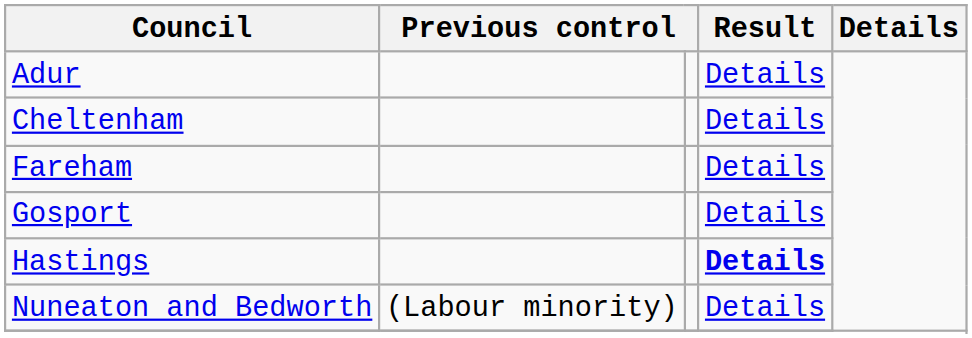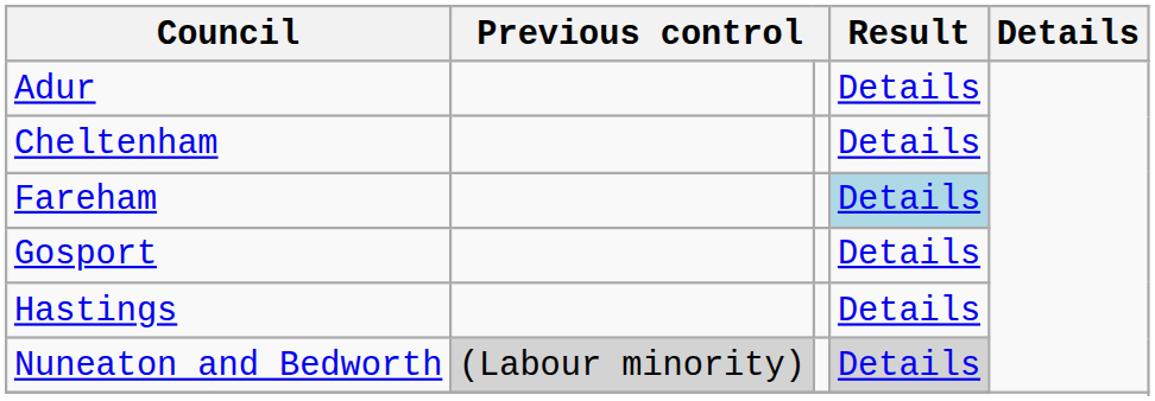 <table class="wikitable">
 <tr>
 <th scope="col">Council</th>
 <th colspan=2>Previous control</th>
 <th colspan=2>Result</th>
 <th colspan=2>Details</th>
 </tr>
 <tr>
 <td><a href='#'>Adur</a></td>
 <td></td>
 <td></td>
 <td><a href='#'>Details</a></td>
 </tr>
 <tr>
 <td><a href='#'>Cheltenham</a></td>
 <td></td>
 <td></td>
 <td><a href='#'>Details</a></td>
 </tr>
 <tr>
 <td><a href='#'>Fareham</a></td>
 <td></td>
 <td></td>
-<td><a href='#'>Details</a></td>
+<td style="background: lightblue;"><a href='#'>Details</a></td>
 </tr>
 <tr>
 <td><a href='#'>Gosport</a></td>
 <td></td>
 <td></td>
 <td><a href='#'>Details</a></td>
 </tr>
 <tr>
 <td><a href='#'>Hastings</a></td>
 <td></td>
 <td></td>
-<td><strong><a href='#'>Details</a></strong></td>
+<td><a href='#'>Details</a></td>
 </tr>
 <tr>
 <td><a href='#'>Nuneaton and Bedworth</a></td>
-<td> (Labour minority)</td>
+<td style="background: lightgrey;"> (Labour minority)</td>
 <td></td>
-<td><a href='#'>Details</a></td>
+<td style="background: lightgrey;"><a href='#'>Details</a></td>
 </tr>
 <tr>
 </tr>
 </table>
